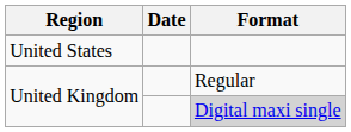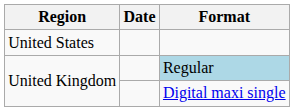 <table class="wikitable">
 <tr>
 <th>Region</th>
 <th>Date</th>
 <th>Format</th>
 </tr>
 <tr>
 <td>United States</td>
 <td></td>
 <td></td>
 </tr>
 <tr>
 <td rowspan="2">United Kingdom</td>
 <td></td>
-<td>Regular</td>
+<td style="background: lightblue;">Regular</td>
 </tr>
 <tr>
 <td></td>
-<td style="background: lightgrey;"><a href='#'>Digital maxi single</a></td>
+<td><a href='#'>Digital maxi single</a></td>
 </tr>
 </table>
